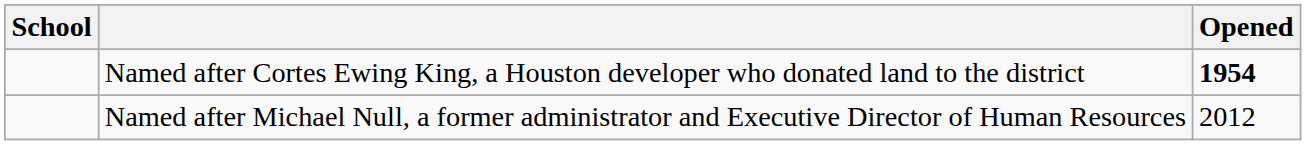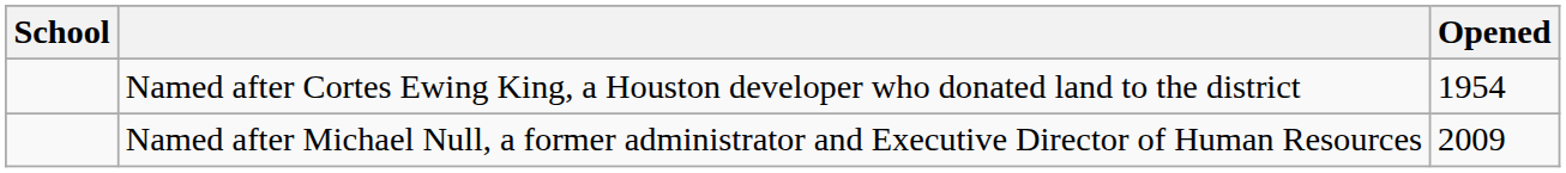 <table class="wikitable">
 <tr>
 <th>School</th>
 <th></th>
 <th>Opened</th>
 </tr>
 <tr>
 <td></td>
 <td>Named after Cortes Ewing King, a Houston developer who donated land to the district</td>
-<td><strong>1954</strong></td>
+<td>1954</td>
 </tr>
 <tr>
 <td></td>
 <td>Named after Michael Null, a former administrator and Executive Director of  Human Resources</td>
-<td>2012</td>
+<td>2009</td>
 </tr>
 </table>
